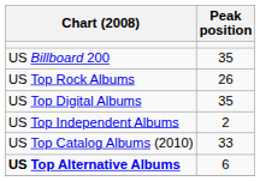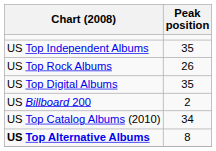 <table class="wikitable sortable">
 <tr>
 <th>Chart (2008)</th>
 <th>Peak<br>position</th>
 </tr>
 <tr>
 <td></td>
 </tr>
 <tr>
-<td>US <a href='#'><em>Billboard</em> 200</a></td>
+<td>US <a href='#'>Top Independent Albums</a></td>
 <td style="text-align:center;">35</td>
 </tr>
 <tr>
 <td>US <a href='#'>Top Rock Albums</a></td>
 <td style="text-align:center;">26</td>
 </tr>
 <tr>
 <td>US <a href='#'>Top Digital Albums</a></td>
 <td style="text-align:center;">35</td>
 </tr>
 <tr>
-<td>US <a href='#'>Top Independent Albums</a></td>
+<td>US <a href='#'><em>Billboard</em> 200</a></td>
 <td style="text-align:center;">2</td>
 </tr>
 <tr>
 <td>US <a href='#'>Top Catalog Albums</a> (2010)</td>
-<td style="text-align:center;">33</td>
+<td style="text-align:center;">34</td>
 </tr>
 <tr>
 <td><strong>US <a href='#'>Top Alternative Albums</a></strong></td>
-<td style="text-align:center;">6</td>
+<td style="text-align:center;">8</td>
 </tr>
 <tr>
 </tr>
 </table>
